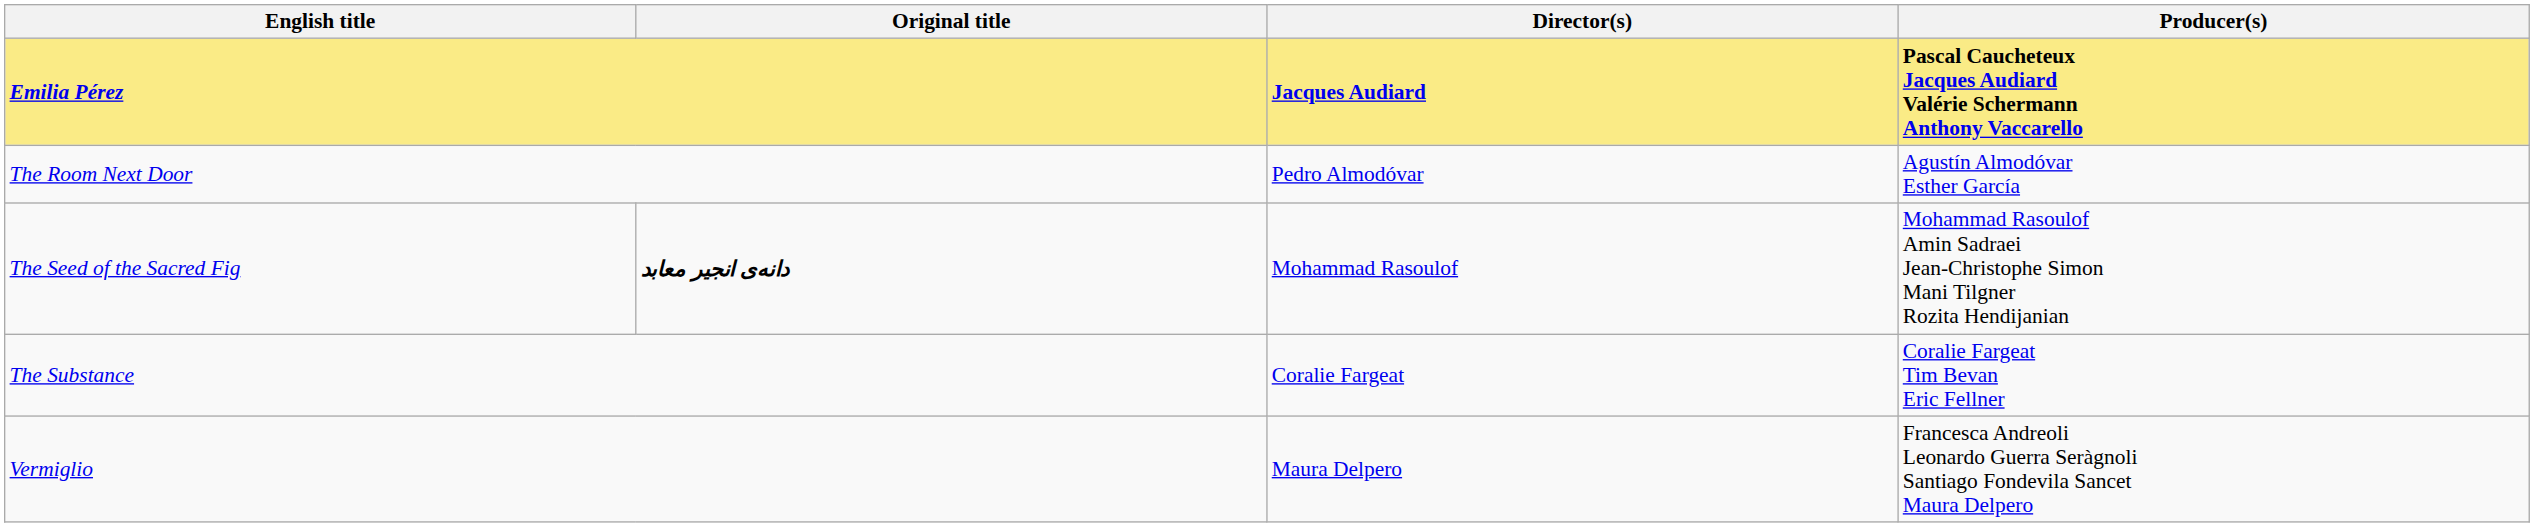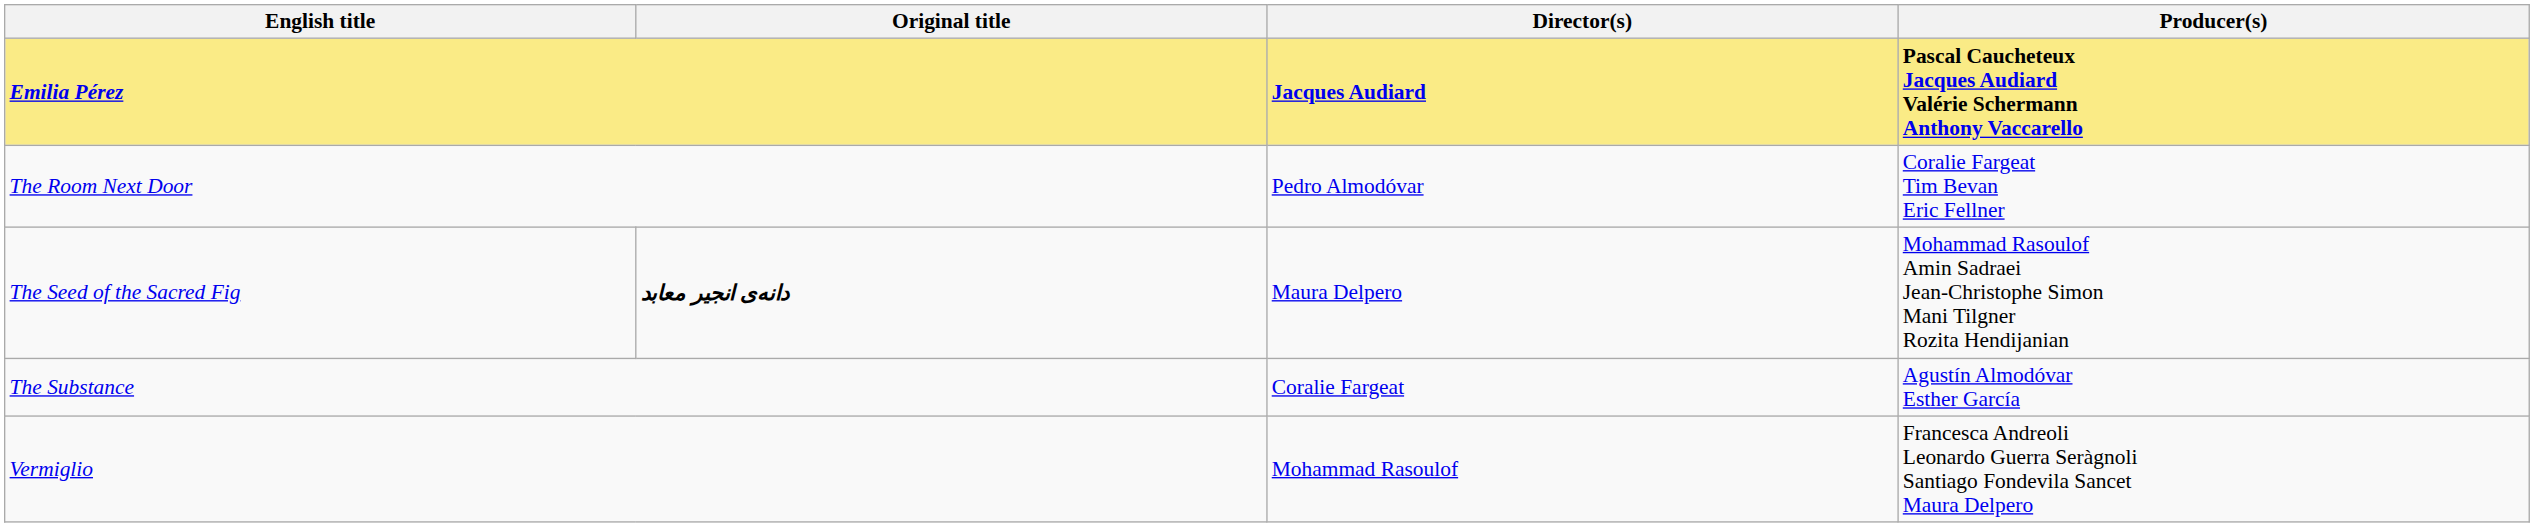 <table class="sortable wikitable" width="95%" cellpadding="5">
 <tr>
 <th width="20%">English title</th>
 <th width="20%">Original title</th>
 <th width="20%">Director(s)</th>
 <th width="20%">Producer(s)</th>
 </tr>
 <tr>
 <td colspan="2" style="background:#FAEB86"><strong><em><a href='#'>Emilia Pérez</a></em></strong></td>
 <td style="background:#FAEB86"> <strong><a href='#'>Jacques Audiard</a></strong></td>
 <td style="background:#FAEB86"><strong>Pascal Caucheteux</strong><br><strong><a href='#'>Jacques Audiard</a></strong><br><strong>Valérie Schermann</strong><br><strong><a href='#'>Anthony Vaccarello</a></strong></td>
 </tr>
 <tr>
 <td colspan="2"><em><a href='#'>The Room Next Door</a></em></td>
 <td> <a href='#'>Pedro Almodóvar</a></td>
-<td><a href='#'>Agustín Almodóvar</a><br><a href='#'>Esther García</a></td>
+<td><a href='#'>Coralie Fargeat</a><br><a href='#'>Tim Bevan</a><br><a href='#'>Eric Fellner</a></td>
 </tr>
 <tr>
 <td><em><a href='#'>The Seed of the Sacred Fig</a></em></td>
 <td><strong><em>دانه‌ی انجیر معابد</em></strong></td>
-<td> <a href='#'>Mohammad Rasoulof</a></td>
+<td> <a href='#'>Maura Delpero</a></td>
 <td><a href='#'>Mohammad Rasoulof</a><br>Amin Sadraei<br>Jean-Christophe Simon<br>Mani Tilgner<br>Rozita Hendijanian</td>
 </tr>
 <tr>
 <td colspan="2"><em><a href='#'>The Substance</a></em></td>
 <td> <a href='#'>Coralie Fargeat</a></td>
-<td><a href='#'>Coralie Fargeat</a><br><a href='#'>Tim Bevan</a><br><a href='#'>Eric Fellner</a></td>
+<td><a href='#'>Agustín Almodóvar</a><br><a href='#'>Esther García</a></td>
 </tr>
 <tr>
 <td colspan="2"><em><a href='#'>Vermiglio</a></em></td>
-<td> <a href='#'>Maura Delpero</a></td>
+<td> <a href='#'>Mohammad Rasoulof</a></td>
 <td>Francesca Andreoli<br>Leonardo Guerra Seràgnoli<br>Santiago Fondevila Sancet<br><a href='#'>Maura Delpero</a></td>
 </tr>
 </table>
